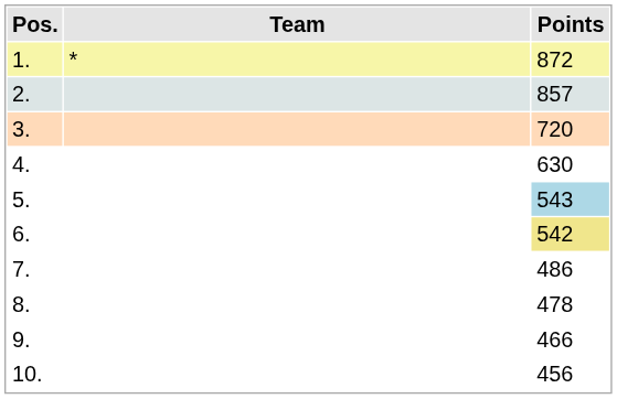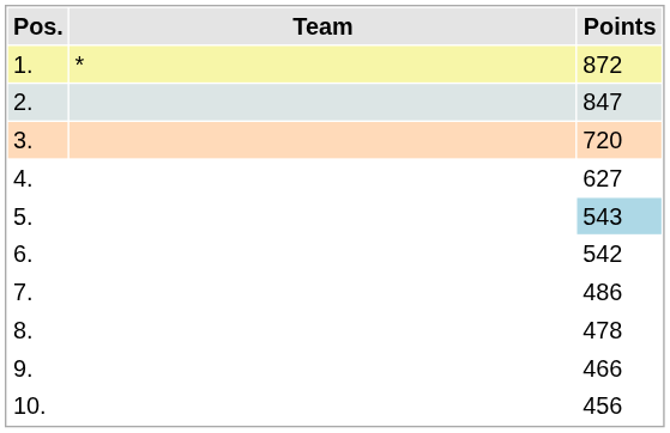 <table cellspacing="1" cellpadding="3" style="border:1px solid #aaa; font-size:90%;">
 <tr style="background:#e4e4e4;">
 <th style="width:10px;">Pos.</th>
 <th style="width:300px;">Team</th>
 <th style="width:45px;">Points</th>
 </tr>
 <tr style="background:#f7f6a8;">
 <td>1.</td>
 <td align="left"><strong></strong>*</td>
 <td>872</td>
 </tr>
 <tr style="background:#dce5e5;">
 <td>2.</td>
 <td align="left"></td>
-<td>857</td>
+<td>847</td>
 </tr>
 <tr style="background:#ffdab9;">
 <td>3.</td>
 <td align="left"></td>
 <td>720</td>
 </tr>
 <tr>
 <td>4.</td>
 <td align="left"></td>
-<td>630</td>
+<td>627</td>
 </tr>
 <tr>
 <td>5.</td>
 <td align="left"></td>
 <td style="background: lightblue;">543</td>
 </tr>
 <tr>
 <td>6.</td>
 <td align="left"></td>
-<td style="background: khaki;">542</td>
+<td>542</td>
 </tr>
 <tr>
 <td>7.</td>
 <td align="left"></td>
 <td>486</td>
 </tr>
 <tr>
 <td>8.</td>
 <td align="left"></td>
 <td>478</td>
 </tr>
 <tr>
 <td>9.</td>
 <td align="left"></td>
 <td>466</td>
 </tr>
 <tr>
 <td>10.</td>
 <td align="left"></td>
 <td>456</td>
 </tr>
 </table>
